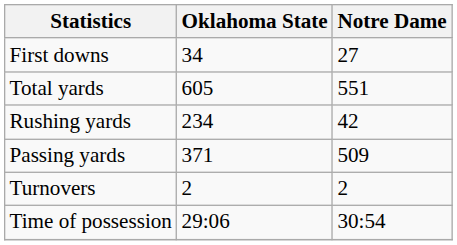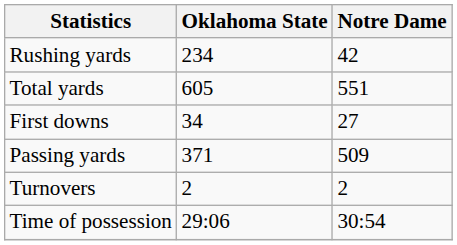 <table class="wikitable">
 <tr>
 <th>Statistics</th>
 <th>Oklahoma State</th>
 <th>Notre Dame</th>
 </tr>
 <tr>
-<td>First downs</td>
-<td>34</td>
-<td>27</td>
+<td>Rushing yards</td>
+<td>234</td>
+<td>42</td>
 </tr>
 <tr>
 <td>Total yards</td>
 <td>605</td>
 <td>551</td>
 </tr>
 <tr>
-<td>Rushing yards</td>
-<td>234</td>
-<td>42</td>
+<td>First downs</td>
+<td>34</td>
+<td>27</td>
 </tr>
 <tr>
 <td>Passing yards</td>
 <td>371</td>
 <td>509</td>
 </tr>
 <tr>
 <td>Turnovers</td>
 <td>2</td>
 <td>2</td>
 </tr>
 <tr>
 <td>Time of possession</td>
 <td>29:06</td>
 <td>30:54</td>
 </tr>
 <tr>
 </tr>
 </table>
